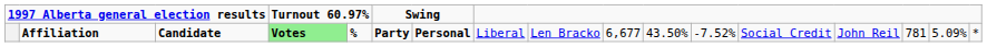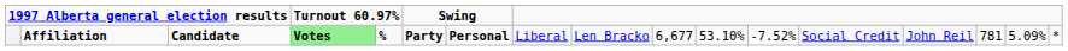 <table class="wikitable">
 <tr>
 <td colspan="3" align=center><strong><a href='#'>1997 Alberta general election</a> results</strong></td>
 <td colspan="2"><strong>Turnout 60.97%</strong></td>
 <td colspan="2" align=center><strong>Swing</strong></td>
 </tr>
 <tr>
 <th style="width: 10px;"></th>
 <td><strong>Affiliation</strong></td>
 <td><strong>Candidate</strong></td>
 <td style="background: lightgreen;"><strong>Votes</strong></td>
 <td><strong>%</strong></td>
 <td><strong>Party</strong></td>
 <td><strong>Personal</strong><br> </td>
 <td><a href='#'>Liberal</a></td>
 <td><a href='#'>Len Bracko</a></td>
 <td>6,677</td>
-<td>43.50%</td>
+<td>53.10%</td>
 <td colspan=2 align=center>-7.52%<br> </td>
 <td><a href='#'>Social Credit</a></td>
 <td><a href='#'>John Reil</a></td>
 <td>781</td>
 <td>5.09%</td>
 <td align=center colspan=2>*<br>   </td>
 </tr>
 </table>
